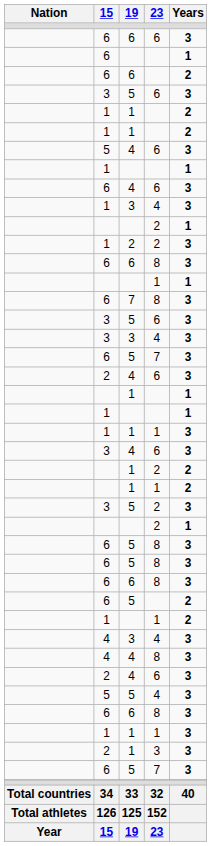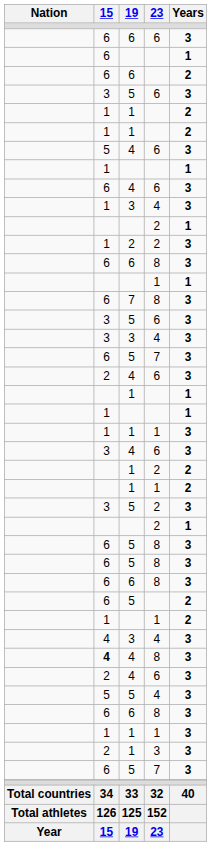 <table class=wikitable style="text-align:center">
 <tr>
 <th>Nation</th>
 <th width=20><a href='#'>15</a></th>
 <th width=20><a href='#'>19</a></th>
 <th width=20><a href='#'>23</a></th>
 <th width=40>Years</th>
 </tr>
 <tr bgcolor=#DDDDDD>
 <td colspan=5></td>
 </tr>
 <tr>
 <td align="left"></td>
 <td>6</td>
 <td>6</td>
 <td>6</td>
 <td><strong>3</strong></td>
 </tr>
 <tr>
 <td align="left"></td>
 <td>6</td>
 <td></td>
 <td></td>
 <td><strong>1</strong></td>
 </tr>
 <tr>
 <td align="left"></td>
 <td>6</td>
 <td>6</td>
 <td></td>
 <td><strong>2</strong></td>
 </tr>
 <tr>
 <td align="left"></td>
 <td>3</td>
 <td>5</td>
 <td>6</td>
 <td><strong>3</strong></td>
 </tr>
 <tr>
 <td align="left"></td>
 <td>1</td>
 <td>1</td>
 <td></td>
 <td><strong>2</strong></td>
 </tr>
 <tr>
 <td align="left"></td>
 <td>1</td>
 <td>1</td>
 <td></td>
 <td><strong>2</strong></td>
 </tr>
 <tr>
 <td align="left"></td>
 <td>5</td>
 <td>4</td>
 <td>6</td>
 <td><strong>3</strong></td>
 </tr>
 <tr>
 <td align="left"></td>
 <td>1</td>
 <td></td>
 <td></td>
 <td><strong>1</strong></td>
 </tr>
 <tr>
 <td align="left"></td>
 <td>6</td>
 <td>4</td>
 <td>6</td>
 <td><strong>3</strong></td>
 </tr>
 <tr>
 <td align="left"></td>
 <td>1</td>
 <td>3</td>
 <td>4</td>
 <td><strong>3</strong></td>
 </tr>
 <tr>
 <td align="left"></td>
 <td></td>
 <td></td>
 <td>2</td>
 <td><strong>1</strong></td>
 </tr>
 <tr>
 <td align="left"></td>
 <td>1</td>
 <td>2</td>
 <td>2</td>
 <td><strong>3</strong></td>
 </tr>
 <tr>
 <td align="left"></td>
 <td>6</td>
 <td>6</td>
 <td>8</td>
 <td><strong>3</strong></td>
 </tr>
 <tr>
 <td align="left"></td>
 <td></td>
 <td></td>
 <td>1</td>
 <td><strong>1</strong></td>
 </tr>
 <tr>
 <td align="left"></td>
 <td>6</td>
 <td>7</td>
 <td>8</td>
 <td><strong>3</strong></td>
 </tr>
 <tr>
 <td align="left"></td>
 <td>3</td>
 <td>5</td>
 <td>6</td>
 <td><strong>3</strong></td>
 </tr>
 <tr>
 <td align="left"></td>
 <td>3</td>
 <td>3</td>
 <td>4</td>
 <td><strong>3</strong></td>
 </tr>
 <tr>
 <td align="left"></td>
 <td>6</td>
 <td>5</td>
 <td>7</td>
 <td><strong>3</strong></td>
 </tr>
 <tr>
 <td align="left"></td>
 <td>2</td>
 <td>4</td>
 <td>6</td>
 <td><strong>3</strong></td>
 </tr>
 <tr>
 <td align="left"></td>
 <td></td>
 <td>1</td>
 <td></td>
 <td><strong>1</strong></td>
 </tr>
 <tr>
 <td align="left"></td>
 <td>1</td>
 <td></td>
 <td></td>
 <td><strong>1</strong></td>
 </tr>
 <tr>
 <td align="left"></td>
 <td>1</td>
 <td>1</td>
 <td>1</td>
 <td><strong>3</strong></td>
 </tr>
 <tr>
 <td align="left"></td>
 <td>3</td>
 <td>4</td>
 <td>6</td>
 <td><strong>3</strong></td>
 </tr>
 <tr>
 <td align="left"></td>
 <td></td>
 <td>1</td>
 <td>2</td>
 <td><strong>2</strong></td>
 </tr>
 <tr>
 <td align="left"></td>
 <td></td>
 <td>1</td>
 <td>1</td>
 <td><strong>2</strong></td>
 </tr>
 <tr>
 <td align="left"></td>
 <td>3</td>
 <td>5</td>
 <td>2</td>
 <td><strong>3</strong></td>
 </tr>
 <tr>
 <td align="left"></td>
 <td></td>
 <td></td>
 <td>2</td>
 <td><strong>1</strong></td>
 </tr>
 <tr>
 <td align="left"></td>
 <td>6</td>
 <td>5</td>
 <td>8</td>
 <td><strong>3</strong></td>
 </tr>
 <tr>
 <td align="left"></td>
 <td>6</td>
 <td>5</td>
 <td>8</td>
 <td><strong>3</strong></td>
 </tr>
 <tr>
 <td align="left"></td>
 <td>6</td>
 <td>6</td>
 <td>8</td>
 <td><strong>3</strong></td>
 </tr>
 <tr>
 <td align="left"></td>
 <td>6</td>
 <td>5</td>
 <td></td>
 <td><strong>2</strong></td>
 </tr>
 <tr>
 <td align="left"></td>
 <td>1</td>
 <td></td>
 <td>1</td>
 <td><strong>2</strong></td>
 </tr>
 <tr>
 <td align="left"></td>
 <td>4</td>
 <td>3</td>
 <td>4</td>
 <td><strong>3</strong></td>
 </tr>
 <tr>
 <td align="left"></td>
-<td>4</td>
+<td><strong>4</strong></td>
 <td>4</td>
 <td>8</td>
 <td><strong>3</strong></td>
 </tr>
 <tr>
 <td align="left"></td>
 <td>2</td>
 <td>4</td>
 <td>6</td>
 <td><strong>3</strong></td>
 </tr>
 <tr>
 <td align="left"></td>
 <td>5</td>
 <td>5</td>
 <td>4</td>
 <td><strong>3</strong></td>
 </tr>
 <tr>
 <td align="left"></td>
 <td>6</td>
 <td>6</td>
 <td>8</td>
 <td><strong>3</strong></td>
 </tr>
 <tr>
 <td align="left"></td>
 <td>1</td>
 <td>1</td>
 <td>1</td>
 <td><strong>3</strong></td>
 </tr>
 <tr>
 <td align="left"></td>
 <td>2</td>
 <td>1</td>
 <td>3</td>
 <td><strong>3</strong></td>
 </tr>
 <tr>
 <td align="left"></td>
 <td>6</td>
 <td>5</td>
 <td>7</td>
 <td><strong>3</strong></td>
 </tr>
 <tr>
 </tr>
 <tr bgcolor=#DDDDDD>
 <td colspan=5></td>
 </tr>
 <tr>
 <th>Total countries</th>
 <th>34</th>
 <th>33</th>
 <th>32</th>
 <th>40</th>
 </tr>
 <tr>
 <th>Total athletes</th>
 <th>126</th>
 <th>125</th>
 <th>152</th>
 <th></th>
 </tr>
 <tr>
 <th>Year</th>
 <th><a href='#'>15</a></th>
 <th><a href='#'>19</a></th>
 <th><a href='#'>23</a></th>
 <th></th>
 </tr>
 </table>
